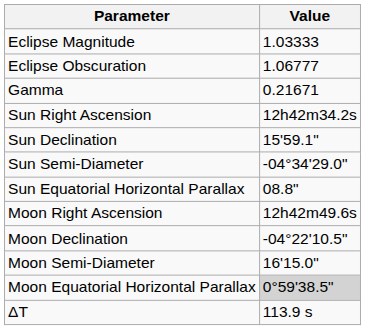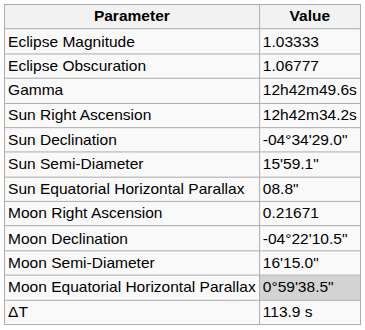 <table class="wikitable">
 <tr>
 <th>Parameter</th>
 <th>Value</th>
 </tr>
 <tr>
 <td>Eclipse Magnitude</td>
 <td>1.03333</td>
 </tr>
 <tr>
 <td>Eclipse Obscuration</td>
 <td>1.06777</td>
 </tr>
 <tr>
 <td>Gamma</td>
-<td>0.21671</td>
+<td>12h42m49.6s</td>
 </tr>
 <tr>
 <td>Sun Right Ascension</td>
 <td>12h42m34.2s</td>
 </tr>
 <tr>
 <td>Sun Declination</td>
-<td>15'59.1"</td>
+<td>-04°34'29.0"</td>
 </tr>
 <tr>
 <td>Sun Semi-Diameter</td>
-<td>-04°34'29.0"</td>
+<td>15'59.1"</td>
 </tr>
 <tr>
 <td>Sun Equatorial Horizontal Parallax</td>
 <td>08.8"</td>
 </tr>
 <tr>
 <td>Moon Right Ascension</td>
-<td>12h42m49.6s</td>
+<td>0.21671</td>
 </tr>
 <tr>
 <td>Moon Declination</td>
 <td>-04°22'10.5"</td>
 </tr>
 <tr>
 <td>Moon Semi-Diameter</td>
 <td>16'15.0"</td>
 </tr>
 <tr>
 <td>Moon Equatorial Horizontal Parallax</td>
 <td style="background: lightgrey;">0°59'38.5"</td>
 </tr>
 <tr>
 <td>ΔT</td>
 <td>113.9 s</td>
 </tr>
 </table>
